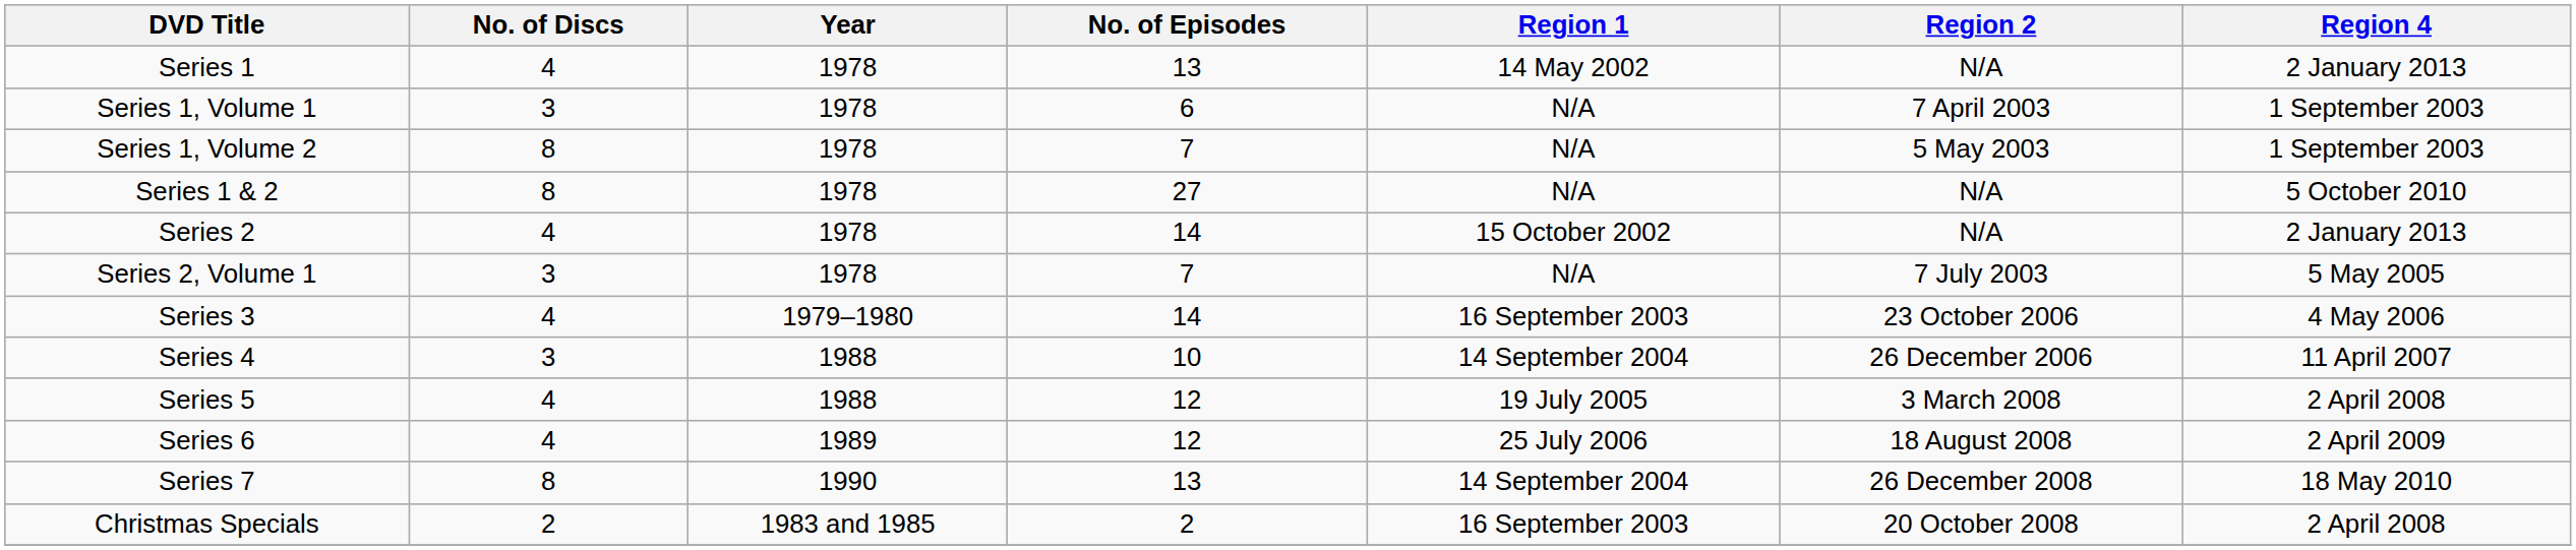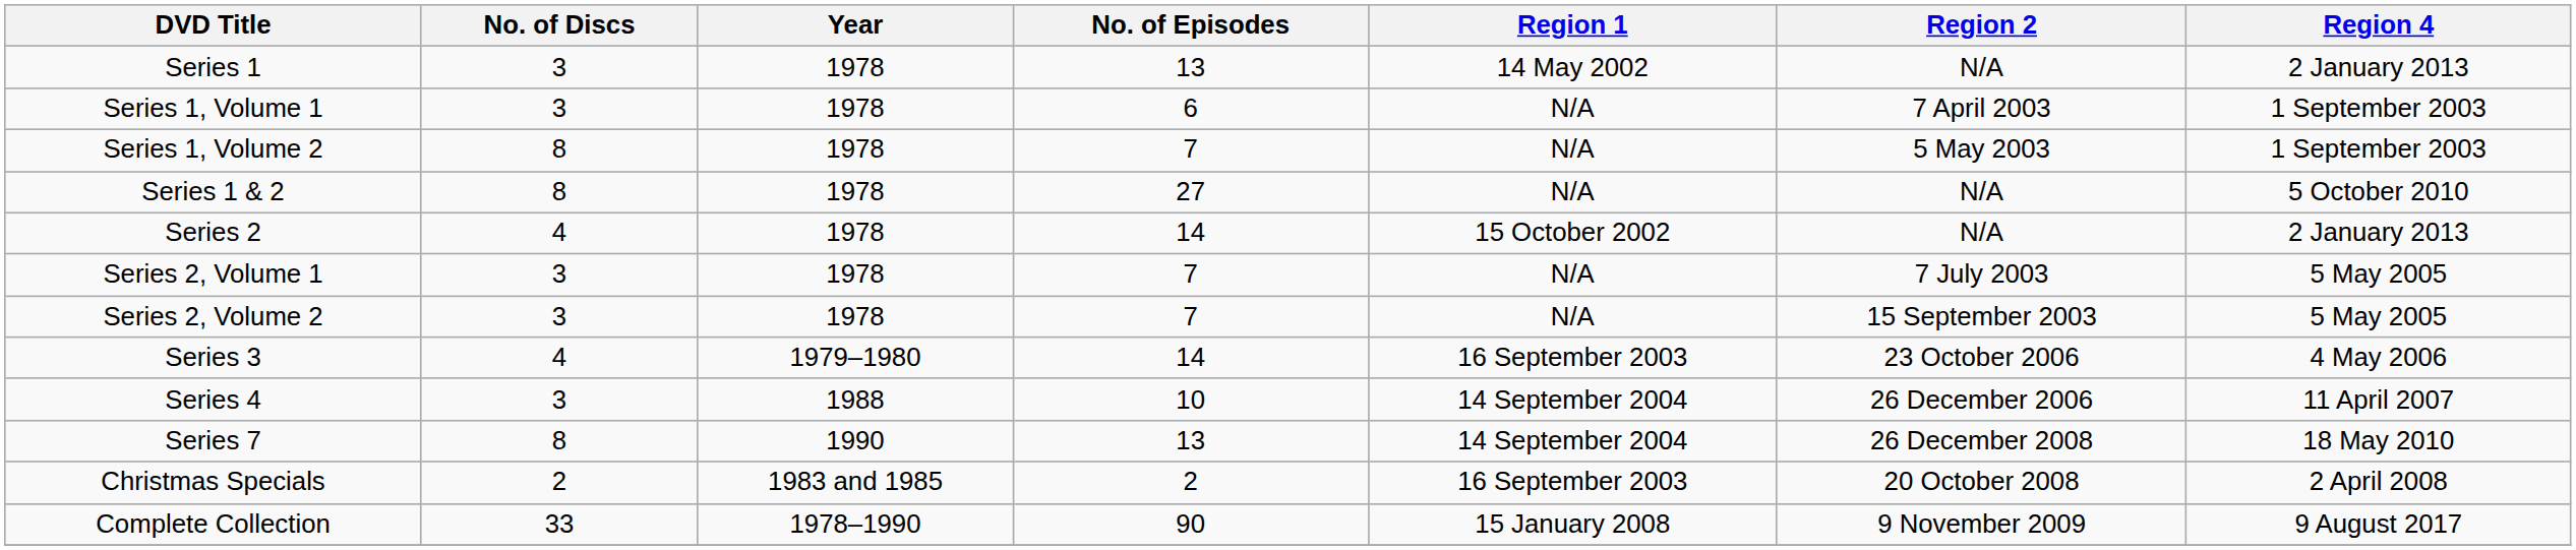 <table class="wikitable" width="99%" style="left: 0 auto; text-align: center;">
 <tr>
 <th>DVD Title</th>
 <th>No. of Discs</th>
 <th>Year</th>
 <th>No. of Episodes</th>
 <th><a href='#'>Region 1</a></th>
 <th><a href='#'>Region 2</a></th>
 <th><a href='#'>Region 4</a></th>
 </tr>
 <tr>
 <td>Series 1</td>
-<td>4</td>
+<td>3</td>
 <td>1978</td>
 <td>13</td>
 <td>14 May 2002</td>
 <td>N/A</td>
 <td>2 January 2013</td>
 </tr>
 <tr>
 <td>Series 1, Volume 1</td>
 <td>3</td>
 <td>1978</td>
 <td>6</td>
 <td>N/A</td>
 <td>7 April 2003</td>
 <td>1 September 2003</td>
 </tr>
 <tr>
 <td>Series 1, Volume 2</td>
 <td>8</td>
 <td>1978</td>
 <td>7</td>
 <td>N/A</td>
 <td>5 May 2003</td>
 <td>1 September 2003</td>
 </tr>
 <tr>
 <td>Series 1 & 2</td>
 <td>8</td>
 <td>1978</td>
 <td>27</td>
 <td>N/A</td>
 <td>N/A</td>
 <td>5 October 2010</td>
 </tr>
 <tr>
 <td>Series 2</td>
 <td>4</td>
 <td>1978</td>
 <td>14</td>
 <td>15 October 2002</td>
 <td>N/A</td>
 <td>2 January 2013</td>
 </tr>
 <tr>
 <td>Series 2, Volume 1</td>
 <td>3</td>
 <td>1978</td>
 <td>7</td>
 <td>N/A</td>
 <td>7 July 2003</td>
 <td>5 May 2005</td>
 </tr>
 <tr>
+<td>Series 2, Volume 2</td>
+<td>3</td>
+<td>1978</td>
+<td>7</td>
+<td>N/A</td>
+<td>15 September 2003</td>
+<td>5 May 2005</td>
+</tr>
+<tr>
 <td>Series 3</td>
 <td>4</td>
 <td>1979–1980</td>
 <td>14</td>
 <td>16 September 2003</td>
 <td>23 October 2006</td>
 <td>4 May 2006</td>
 </tr>
 <tr>
 <td>Series 4</td>
 <td>3</td>
 <td>1988</td>
 <td>10</td>
 <td>14 September 2004</td>
 <td>26 December 2006</td>
 <td>11 April 2007</td>
-</tr>
-<tr>
-<td>Series 5</td>
-<td>4</td>
-<td>1988</td>
-<td>12</td>
-<td>19 July 2005</td>
-<td>3 March 2008</td>
-<td>2 April 2008</td>
-</tr>
-<tr>
-<td>Series 6</td>
-<td>4</td>
-<td>1989</td>
-<td>12</td>
-<td>25 July 2006</td>
-<td>18 August 2008</td>
-<td>2 April 2009</td>
 </tr>
 <tr>
 <td>Series 7</td>
 <td>8</td>
 <td>1990</td>
 <td>13</td>
 <td>14 September 2004</td>
 <td>26 December 2008</td>
 <td>18 May 2010</td>
 </tr>
 <tr>
 <td>Christmas Specials</td>
 <td>2</td>
 <td>1983 and 1985</td>
 <td>2</td>
 <td>16 September 2003</td>
 <td>20 October 2008</td>
 <td>2 April 2008</td>
 </tr>
 <tr>
+<td>Complete Collection</td>
+<td>33</td>
+<td>1978–1990</td>
+<td>90</td>
+<td>15 January 2008</td>
+<td>9 November 2009</td>
+<td>9 August 2017</td>
+</tr>
+<tr>
 </tr>
 </table>
